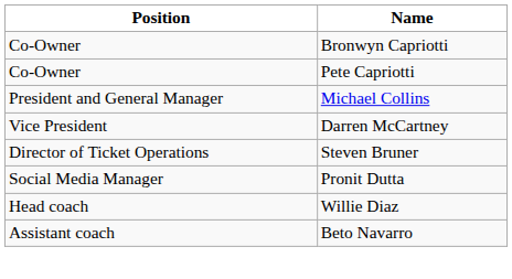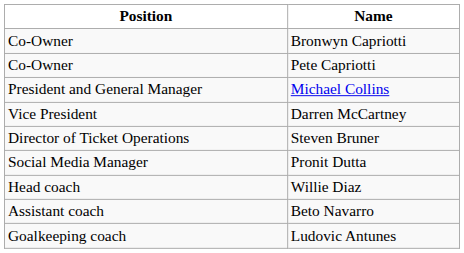 <table class="wikitable" style="text-align:center;width:30%;">
 <tr>
 <th style="background:#FFFFFF; color:#000000; ">Position</th>
 <th style="background:#FFFFFF; color:#000000; ">Name</th>
 </tr>
 <tr>
 <td align="left">Co-Owner</td>
 <td align="left"> Bronwyn Capriotti</td>
 </tr>
 <tr>
 <td align="left">Co-Owner</td>
 <td align="left"> Pete Capriotti</td>
 </tr>
 <tr>
 <td align="left">President and General Manager</td>
 <td align="left"> <a href='#'>Michael Collins</a></td>
 </tr>
 <tr>
 <td align="left">Vice President</td>
 <td align="left"> Darren McCartney</td>
 </tr>
 <tr>
 <td align="left">Director of Ticket Operations</td>
 <td align="left"> Steven Bruner</td>
 </tr>
 <tr>
 <td align="left">Social Media Manager</td>
 <td align="left"> Pronit Dutta</td>
 </tr>
 <tr>
 <td align="left">Head coach</td>
 <td align="left"> Willie Diaz</td>
 </tr>
 <tr>
 <td align="left">Assistant coach</td>
 <td align="left"> Beto Navarro</td>
 </tr>
+<tr>
+<td align="left">Goalkeeping coach</td>
+<td align="left"> Ludovic Antunes</td>
+</tr>
 </table>
